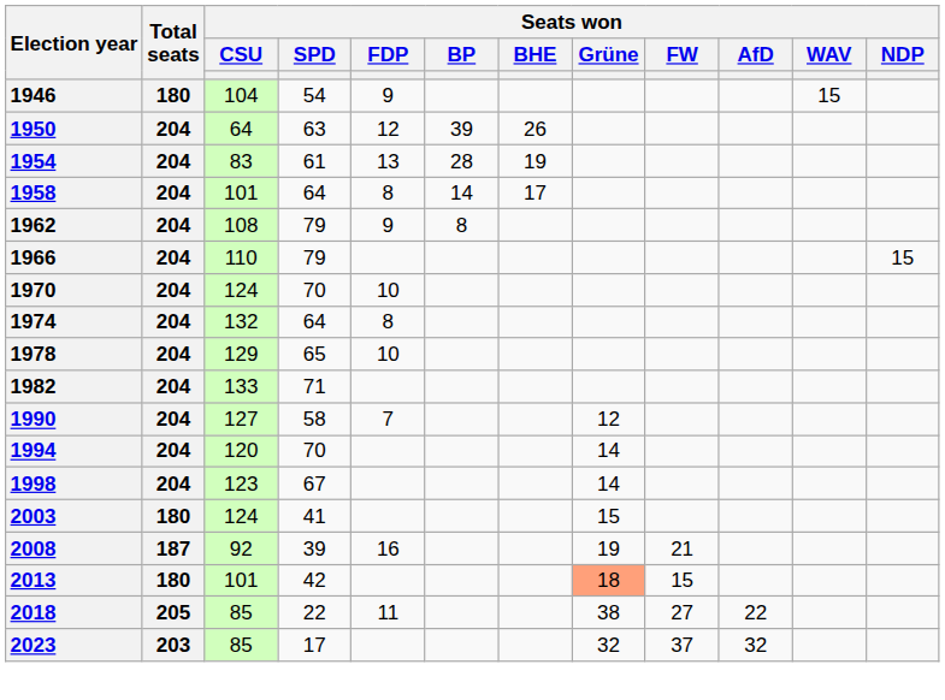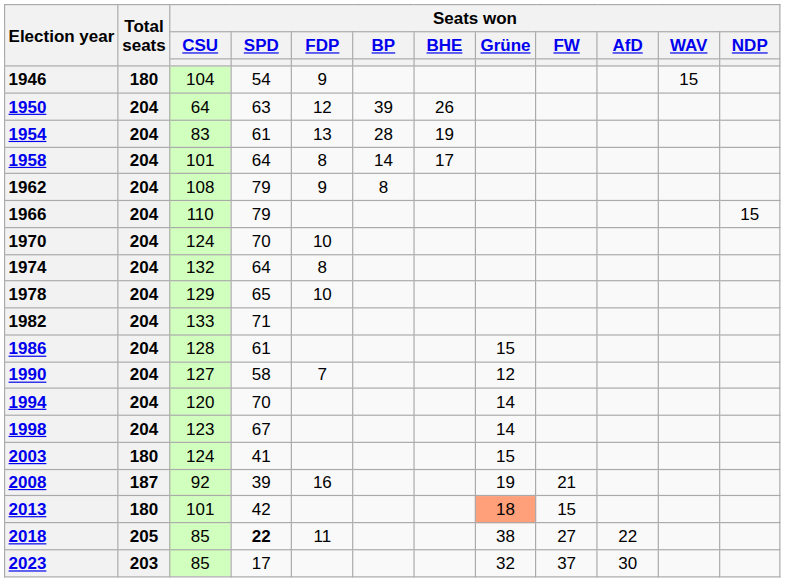 <table class="wikitable" style="text-align:center; font-size: 0.9em;">
 <tr>
 <th rowspan="3">Election year</th>
 <th rowspan="3">Total<br>seats</th>
 <th colspan="10">Seats won</th>
 </tr>
 <tr>
 <th class="unsortable" style="width:45px;"><a href='#'>CSU</a></th>
 <th class="unsortable" style="width:45px;"><a href='#'>SPD</a></th>
 <th class="unsortable" style="width:45px;"><a href='#'>FDP</a></th>
 <th class="unsortable" style="width:45px;"><a href='#'>BP</a></th>
 <th class="unsortable" style="width:45px;"><a href='#'>BHE</a></th>
 <th class="unsortable" style="width:45px;"><a href='#'>Grüne</a></th>
 <th class="unsortable" style="width:45px;"><a href='#'>FW</a></th>
 <th class="unsortable" style="width:45px;"><a href='#'>AfD</a></th>
 <th class="unsortable" style="width:45px;"><a href='#'>WAV</a></th>
 <th class="unsortable" style="width:45px;"><a href='#'>NDP</a></th>
 </tr>
 <tr>
 <th style="background:"></th>
 <th style="background:"></th>
 <th style="background:"></th>
 <th style="background:"></th>
 <th style="background:"></th>
 <th style="background:"></th>
 <th style="background:"></th>
 <th style="background:"></th>
 <th style="background:"></th>
 <th style="background:"></th>
 </tr>
 <tr>
 <th style="text-align: left;">1946</th>
 <th>180</th>
 <td style="background:#d1ffbd;">104</td>
 <td>54</td>
 <td>9</td>
 <td></td>
 <td></td>
 <td></td>
 <td></td>
 <td></td>
 <td>15</td>
 <td></td>
 </tr>
 <tr>
 <th style="text-align: left;"><a href='#'>1950</a></th>
 <th>204</th>
 <td style="background:#d1ffbd;">64</td>
 <td>63</td>
 <td>12</td>
 <td>39</td>
 <td>26</td>
 <td></td>
 <td></td>
 <td></td>
 <td></td>
 <td></td>
 </tr>
 <tr>
 <th style="text-align: left;"><a href='#'>1954</a></th>
 <th>204</th>
 <td style="background:#d1ffbd;">83</td>
 <td>61</td>
 <td>13</td>
 <td>28</td>
 <td>19</td>
 <td></td>
 <td></td>
 <td></td>
 <td></td>
 <td></td>
 </tr>
 <tr>
 <th style="text-align: left;"><a href='#'>1958</a></th>
 <th>204</th>
 <td style="background:#d1ffbd;">101</td>
 <td>64</td>
 <td>8</td>
 <td>14</td>
 <td>17</td>
 <td></td>
 <td></td>
 <td></td>
 <td></td>
 <td></td>
 </tr>
 <tr>
 <th style="text-align: left;">1962</th>
 <th>204</th>
 <td style="background:#d1ffbd;">108</td>
 <td>79</td>
 <td>9</td>
 <td>8</td>
 <td></td>
 <td></td>
 <td></td>
 <td></td>
 <td></td>
 <td></td>
 </tr>
 <tr>
 <th style="text-align: left;">1966</th>
 <th>204</th>
 <td style="background:#d1ffbd;">110</td>
 <td>79</td>
 <td></td>
 <td></td>
 <td></td>
 <td></td>
 <td></td>
 <td></td>
 <td></td>
 <td>15</td>
 </tr>
 <tr>
 <th style="text-align: left;">1970</th>
 <th>204</th>
 <td style="background:#d1ffbd;">124</td>
 <td>70</td>
 <td>10</td>
 <td></td>
 <td></td>
 <td></td>
 <td></td>
 <td></td>
 <td></td>
 <td></td>
 </tr>
 <tr>
 <th style="text-align: left;">1974</th>
 <th>204</th>
 <td style="background:#d1ffbd;">132</td>
 <td>64</td>
 <td>8</td>
 <td></td>
 <td></td>
 <td></td>
 <td></td>
 <td></td>
 <td></td>
 <td></td>
 </tr>
 <tr>
 <th style="text-align: left;">1978</th>
 <th>204</th>
 <td style="background:#d1ffbd;">129</td>
 <td>65</td>
 <td>10</td>
 <td></td>
 <td></td>
 <td></td>
 <td></td>
 <td></td>
 <td></td>
 <td></td>
 </tr>
 <tr>
 <th style="text-align: left;">1982</th>
 <th>204</th>
 <td style="background:#d1ffbd;">133</td>
 <td>71</td>
 <td></td>
 <td></td>
 <td></td>
 <td></td>
 <td></td>
 <td></td>
 <td></td>
 <td></td>
 </tr>
 <tr>
+<th style="text-align: left;"><a href='#'>1986</a></th>
+<th>204</th>
+<td style="background:#d1ffbd;">128</td>
+<td>61</td>
+<td></td>
+<td></td>
+<td></td>
+<td>15</td>
+<td></td>
+<td></td>
+<td></td>
+<td></td>
+</tr>
+<tr>
 <th style="text-align: left;"><a href='#'>1990</a></th>
 <th>204</th>
 <td style="background:#d1ffbd;">127</td>
 <td>58</td>
 <td>7</td>
 <td></td>
 <td></td>
 <td>12</td>
 <td></td>
 <td></td>
 <td></td>
 <td></td>
 </tr>
 <tr>
 <th style="text-align: left;"><a href='#'>1994</a></th>
 <th>204</th>
 <td style="background:#d1ffbd;">120</td>
 <td>70</td>
 <td></td>
 <td></td>
 <td></td>
 <td>14</td>
 <td></td>
 <td></td>
 <td></td>
 <td></td>
 </tr>
 <tr>
 <th style="text-align: left;"><a href='#'>1998</a></th>
 <th>204</th>
 <td style="background:#d1ffbd;">123</td>
 <td>67</td>
 <td></td>
 <td></td>
 <td></td>
 <td>14</td>
 <td></td>
 <td></td>
 <td></td>
 <td></td>
 </tr>
 <tr>
 <th style="text-align: left;"><a href='#'>2003</a></th>
 <th>180</th>
 <td style="background:#d1ffbd;">124</td>
 <td>41</td>
 <td></td>
 <td></td>
 <td></td>
 <td>15</td>
 <td></td>
 <td></td>
 <td></td>
 <td></td>
 </tr>
 <tr>
 <th style="text-align: left;"><a href='#'>2008</a></th>
 <th>187</th>
 <td style="background:#d1ffbd;">92</td>
 <td>39</td>
 <td>16</td>
 <td></td>
 <td></td>
 <td>19</td>
 <td>21</td>
 <td></td>
 <td></td>
 <td></td>
 </tr>
 <tr>
 <th style="text-align: left;"><a href='#'>2013</a></th>
 <th>180</th>
 <td style="background:#d1ffbd;">101</td>
 <td>42</td>
 <td></td>
 <td></td>
 <td></td>
 <td style="background: lightsalmon;">18</td>
 <td>15</td>
 <td></td>
 <td></td>
 <td></td>
 </tr>
 <tr>
 <th style="text-align: left;"><a href='#'>2018</a></th>
 <th>205</th>
 <td style="background:#d1ffbd;">85</td>
-<td>22</td>
+<td><strong>22</strong></td>
 <td>11</td>
 <td></td>
 <td></td>
 <td>38</td>
 <td>27</td>
 <td>22</td>
 <td></td>
 <td></td>
 </tr>
 <tr>
 <th style="text-align: left;"><a href='#'>2023</a></th>
 <th>203</th>
 <td style="background:#d1ffbd;">85</td>
 <td>17</td>
 <td></td>
 <td></td>
 <td></td>
 <td>32</td>
 <td>37</td>
-<td>32</td>
+<td>30</td>
 <td></td>
 <td></td>
 </tr>
 </table>
